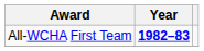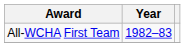 <table class="wikitable">
 <tr>
 <th>Award</th>
 <th>Year</th>
 <th></th>
 </tr>
 <tr>
 <td>All-<a href='#'>WCHA</a> <a href='#'>First Team</a></td>
-<td><strong><a href='#'>1982–83</a></strong></td>
+<td><a href='#'>1982–83</a></td>
 <td></td>
 </tr>
 <tr>
 </tr>
 </table>
